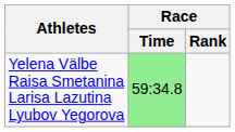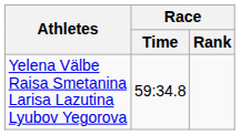 <table class="wikitable" border="1" style="font-size:90%">
 <tr>
 <th rowspan=2>Athletes</th>
 <th colspan=2>Race</th>
 </tr>
 <tr>
 <th>Time</th>
 <th>Rank</th>
 </tr>
 <tr>
 <td> <a href='#'>Yelena Välbe</a><br> <a href='#'>Raisa Smetanina</a><br> <a href='#'>Larisa Lazutina</a><br> <a href='#'>Lyubov Yegorova</a></td>
-<td align=center style="background: lightgreen;">59:34.8</td>
+<td align=center>59:34.8</td>
 <td align=center></td>
 </tr>
 </table>
